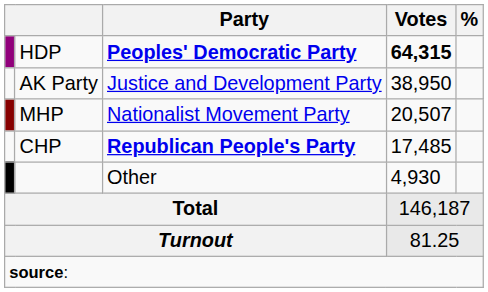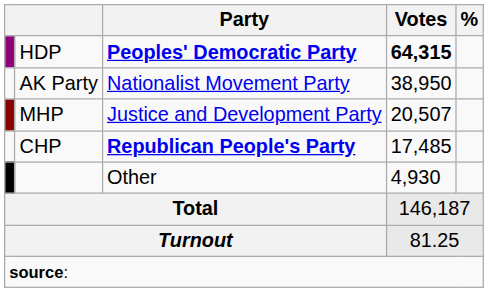 <table class="wikitable">
 <tr>
 <th colspan="2" align="center"></th>
 <th align="center">Party</th>
 <th align="center">Votes</th>
 <th align="center">%</th>
 </tr>
 <tr align="left">
 <td bgcolor="#91007B" width="1"></td>
 <td>HDP</td>
 <td><strong><a href='#'>Peoples' Democratic Party</a></strong></td>
 <td><strong>64,315</strong></td>
 <td><strong></strong></td>
 </tr>
 <tr align="left">
 <td></td>
 <td>AK Party</td>
-<td><a href='#'>Justice and Development Party</a></td>
+<td><a href='#'>Nationalist Movement Party</a></td>
 <td>38,950</td>
 <td></td>
 </tr>
 <tr align="left">
 <td bgcolor="#870000" width="1"></td>
 <td>MHP</td>
-<td><a href='#'>Nationalist Movement Party</a></td>
+<td><a href='#'>Justice and Development Party</a></td>
 <td>20,507</td>
 <td></td>
 </tr>
 <tr align="left">
 <td></td>
 <td>CHP</td>
 <td><strong><a href='#'>Republican People's Party</a></strong></td>
 <td>17,485</td>
 <td></td>
 </tr>
 <tr align="left">
 <td bgcolor=" " width="1"></td>
 <td></td>
 <td>Other</td>
 <td>4,930</td>
 <td></td>
 </tr>
 <tr align="left" style="background-color:#E9E9E9">
 <th colspan="3" align="center"><strong>Total</strong></th>
 <td colspan="5" align="center">146,187</td>
 </tr>
 <tr align="left" style="background-color:#E9E9E9">
 <th colspan="3" align="center"><em>Turnout</em></th>
 <td colspan="5" align="center">81.25</td>
 </tr>
 <tr>
 <td colspan="9" align="left"><small><strong>source</strong>: </small></td>
 </tr>
 </table>
